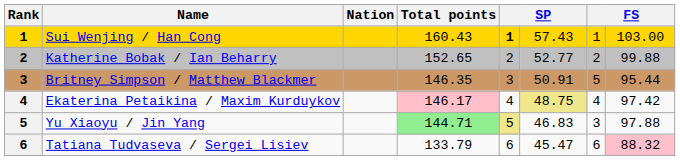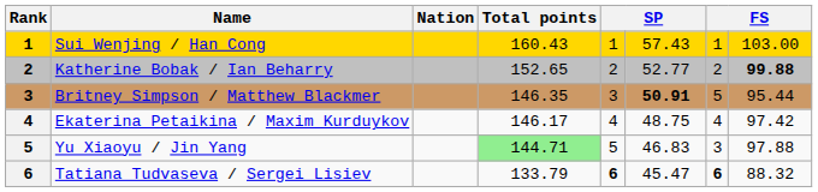 <table class="wikitable sortable">
 <tr>
 <th>Rank</th>
 <th>Name</th>
 <th>Nation</th>
 <th>Total points</th>
 <th colspan="2" width="80px"><a href='#'>SP</a></th>
 <th colspan="2" width="80px"><a href='#'>FS</a></th>
 </tr>
 <tr bgcolor="gold">
 <td align="center"><strong>1</strong></td>
 <td><a href='#'>Sui Wenjing</a> / <a href='#'>Han Cong</a></td>
 <td></td>
 <td align="center">160.43</td>
-<td align="center"><strong>1</strong></td>
+<td align="center">1</td>
 <td align="center">57.43</td>
 <td align="center">1</td>
 <td align="center">103.00</td>
 </tr>
 <tr bgcolor="silver">
 <td align="center"><strong>2</strong></td>
 <td><a href='#'>Katherine Bobak</a> / <a href='#'>Ian Beharry</a></td>
 <td></td>
 <td align="center">152.65</td>
 <td align="center">2</td>
 <td align="center">52.77</td>
 <td align="center">2</td>
-<td align="center">99.88</td>
+<td align="center"><strong>99.88</strong></td>
 </tr>
 <tr bgcolor="cc9966">
 <td align="center" bgcolor="cc9966"><strong>3</strong></td>
 <td><a href='#'>Britney Simpson</a> / <a href='#'>Matthew Blackmer</a></td>
 <td></td>
 <td align="center">146.35</td>
 <td align="center">3</td>
-<td align="center">50.91</td>
+<td align="center"><strong>50.91</strong></td>
 <td align="center">5</td>
 <td align="center">95.44</td>
 </tr>
 <tr>
 <th>4</th>
 <td><a href='#'>Ekaterina Petaikina</a> / <a href='#'>Maxim Kurduykov</a></td>
 <td></td>
-<td align="center" style="background: pink;">146.17</td>
+<td align="center">146.17</td>
 <td align="center">4</td>
-<td align="center" style="background: khaki;">48.75</td>
+<td align="center">48.75</td>
 <td align="center">4</td>
 <td align="center">97.42</td>
 </tr>
 <tr>
 <th>5</th>
 <td><a href='#'>Yu Xiaoyu</a> / <a href='#'>Jin Yang</a></td>
 <td></td>
 <td align="center" style="background: lightgreen;">144.71</td>
-<td align="center" style="background: khaki;">5</td>
+<td align="center">5</td>
 <td align="center">46.83</td>
 <td align="center">3</td>
 <td align="center">97.88</td>
 </tr>
 <tr>
 <th>6</th>
 <td><a href='#'>Tatiana Tudvaseva</a> / <a href='#'>Sergei Lisiev</a></td>
 <td></td>
 <td align="center">133.79</td>
-<td align="center">6</td>
+<td align="center"><strong>6</strong></td>
 <td align="center">45.47</td>
-<td align="center">6</td>
-<td align="center" style="background: pink;">88.32</td>
+<td align="center"><strong>6</strong></td>
+<td align="center">88.32</td>
 </tr>
 </table>
